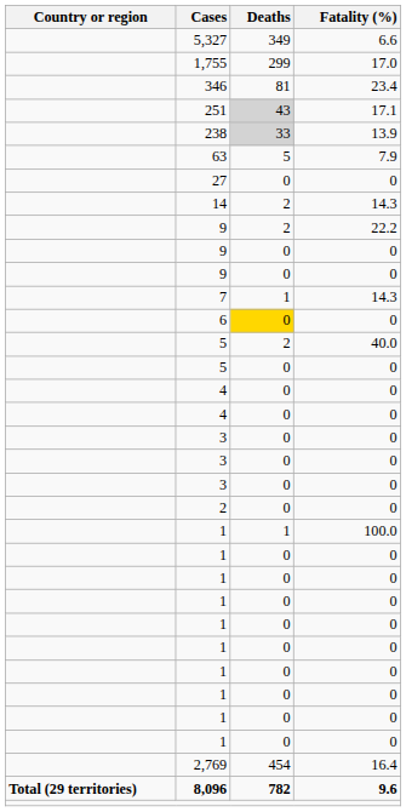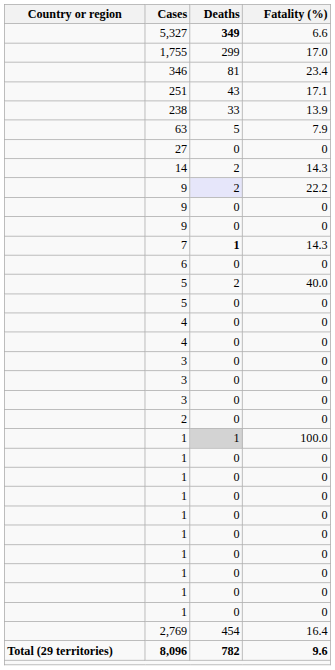 <table class="wikitable sortable" style="width:430px;">
 <tr>
 <th>Country or region</th>
 <th style="text-align:right;">Cases</th>
 <th style="text-align:right;">Deaths</th>
 <th style="text-align:right;">Fatality (%)</th>
 </tr>
 <tr align=right>
 <td align=left></td>
 <td>5,327</td>
-<td>349</td>
+<td><strong>349</strong></td>
 <td>6.6</td>
 </tr>
 <tr align=right>
 <td align=left></td>
 <td>1,755</td>
 <td>299</td>
 <td>17.0</td>
 </tr>
 <tr align=right>
 <td align=left></td>
 <td>346</td>
 <td>81</td>
 <td>23.4</td>
 </tr>
 <tr align=right>
 <td align=left></td>
 <td>251</td>
-<td style="background: lightgrey;">43</td>
+<td>43</td>
 <td>17.1</td>
 </tr>
 <tr align=right>
 <td align=left></td>
 <td>238</td>
-<td style="background: lightgrey;">33</td>
+<td>33</td>
 <td>13.9</td>
 </tr>
 <tr align=right>
 <td align=left></td>
 <td>63</td>
 <td>5</td>
 <td>7.9</td>
 </tr>
 <tr align=right>
 <td align=left></td>
 <td>27</td>
 <td>0</td>
 <td>0</td>
 </tr>
 <tr align=right>
 <td align=left></td>
 <td>14</td>
 <td>2</td>
 <td>14.3</td>
 </tr>
 <tr align=right>
 <td align=left></td>
 <td>9</td>
-<td>2</td>
+<td style="background: lavender;">2</td>
 <td>22.2</td>
 </tr>
 <tr align=right>
 <td align=left></td>
 <td>9</td>
 <td>0</td>
 <td>0</td>
 </tr>
 <tr align=right>
 <td align=left></td>
 <td>9</td>
 <td>0</td>
 <td>0</td>
 </tr>
 <tr align=right>
 <td align=left></td>
 <td>7</td>
-<td>1</td>
+<td><strong>1</strong></td>
 <td>14.3</td>
 </tr>
 <tr align=right>
 <td align=left></td>
 <td>6</td>
-<td style="background: gold;">0</td>
+<td>0</td>
 <td>0</td>
 </tr>
 <tr align=right>
 <td align=left></td>
 <td>5</td>
 <td>2</td>
 <td>40.0</td>
 </tr>
 <tr align=right>
 <td align=left></td>
 <td>5</td>
 <td>0</td>
 <td>0</td>
 </tr>
 <tr align=right>
 <td align=left></td>
 <td>4</td>
 <td>0</td>
 <td>0</td>
 </tr>
 <tr align=right>
 <td align=left></td>
 <td>4</td>
 <td>0</td>
 <td>0</td>
 </tr>
 <tr align=right>
 <td align=left></td>
 <td>3</td>
 <td>0</td>
 <td>0</td>
 </tr>
 <tr align=right>
 <td align=left></td>
 <td>3</td>
 <td>0</td>
 <td>0</td>
 </tr>
 <tr align=right>
 <td align=left></td>
 <td>3</td>
 <td>0</td>
 <td>0</td>
 </tr>
 <tr align=right>
 <td align=left></td>
 <td>2</td>
 <td>0</td>
 <td>0</td>
 </tr>
 <tr align=right>
 <td align=left></td>
 <td>1</td>
-<td>1</td>
+<td style="background: lightgrey;">1</td>
 <td>100.0</td>
 </tr>
 <tr align=right>
 <td align=left></td>
 <td>1</td>
 <td>0</td>
 <td>0</td>
 </tr>
 <tr align=right>
 <td align=left></td>
 <td>1</td>
 <td>0</td>
 <td>0</td>
 </tr>
 <tr align=right>
 <td align=left></td>
 <td>1</td>
 <td>0</td>
 <td>0</td>
 </tr>
 <tr align=right>
 <td align=left></td>
 <td>1</td>
 <td>0</td>
 <td>0</td>
 </tr>
 <tr align=right>
 <td align=left></td>
 <td>1</td>
 <td>0</td>
 <td>0</td>
 </tr>
 <tr align=right>
 <td align=left></td>
 <td>1</td>
 <td>0</td>
 <td>0</td>
 </tr>
 <tr align=right>
 <td align=left></td>
 <td>1</td>
 <td>0</td>
 <td>0</td>
 </tr>
 <tr align=right>
 <td align=left></td>
 <td>1</td>
 <td>0</td>
 <td>0</td>
 </tr>
 <tr align=right>
 <td align=left></td>
 <td>1</td>
 <td>0</td>
 <td>0</td>
 </tr>
 <tr align=right>
 <td style="text-align:left;"></td>
 <td>2,769</td>
 <td>454</td>
 <td>16.4</td>
 </tr>
 <tr style="text-align:right; font-weight:bold;">
 <td style="text-align:left;">Total (29 territories)</td>
 <td>8,096</td>
 <td>782</td>
 <td>9.6</td>
 </tr>
 <tr>
 <td colspan=5 style="font-size: smaller;"></td>
 </tr>
 </table>
